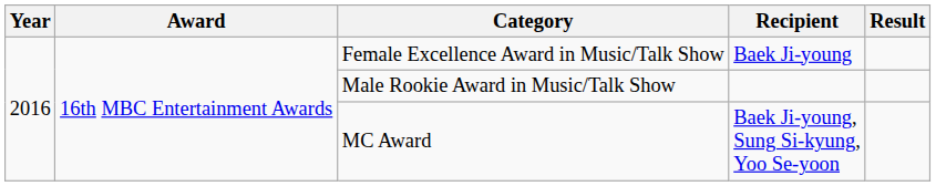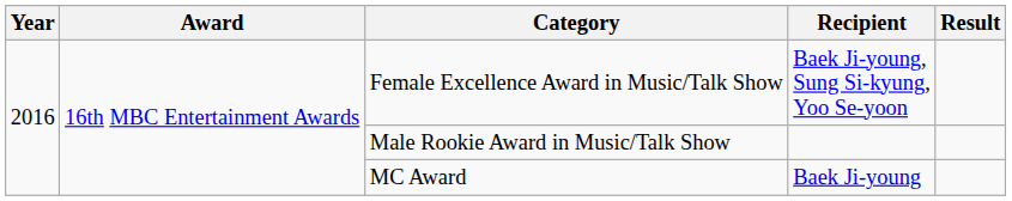 <table class="wikitable">
 <tr>
 <th>Year</th>
 <th>Award</th>
 <th>Category</th>
 <th>Recipient</th>
 <th>Result</th>
 </tr>
 <tr>
 <td rowspan=3>2016</td>
 <td rowspan=3><a href='#'>16th</a> <a href='#'>MBC Entertainment Awards</a></td>
 <td>Female Excellence Award in Music/Talk Show</td>
-<td><a href='#'>Baek Ji-young</a></td>
+<td><a href='#'>Baek Ji-young</a>,<br><a href='#'>Sung Si-kyung</a>,<br><a href='#'>Yoo Se-yoon</a></td>
 <td></td>
 </tr>
 <tr>
 <td>Male Rookie Award in Music/Talk Show</td>
 <td></td>
 <td></td>
 </tr>
 <tr>
 <td>MC Award</td>
-<td><a href='#'>Baek Ji-young</a>,<br><a href='#'>Sung Si-kyung</a>,<br><a href='#'>Yoo Se-yoon</a></td>
+<td><a href='#'>Baek Ji-young</a></td>
 <td></td>
 </tr>
 </table>
